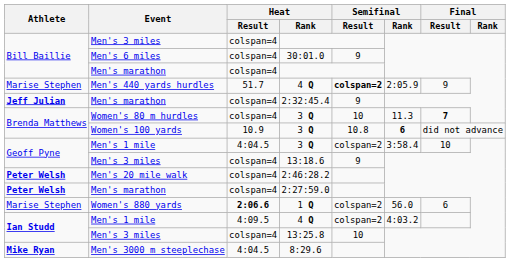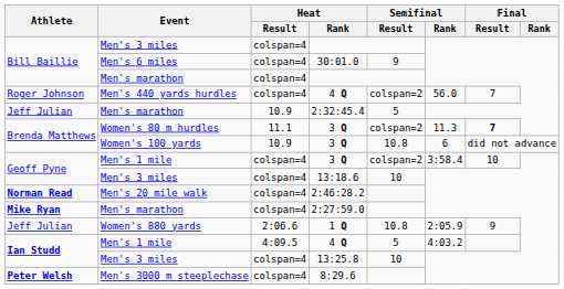 <table class=wikitable style=font-size:90%>
 <tr>
 <th rowspan=2>Athlete</th>
 <th rowspan=2>Event</th>
 <th colspan=2>Heat</th>
 <th colspan=2>Semifinal</th>
 <th colspan=2>Final</th>
 </tr>
 <tr style=font-size:95%>
 <th>Result</th>
 <th>Rank</th>
 <th>Result</th>
 <th>Rank</th>
 <th>Result</th>
 <th>Rank</th>
 </tr>
 <tr align=center>
 <td align=left rowspan=3><a href='#'>Bill Baillie</a></td>
 <td align=left><a href='#'>Men's 3 miles</a></td>
 <td>colspan=4 </td>
 <td colspan=2></td>
 </tr>
 <tr align=center>
 <td align=left><a href='#'>Men's 6 miles</a></td>
 <td>colspan=4 </td>
 <td>30:01.0</td>
 <td>9</td>
 </tr>
 <tr align=center>
 <td align=left><a href='#'>Men's marathon</a></td>
 <td>colspan=4 </td>
 <td colspan=2></td>
 </tr>
 <tr align=center>
-<td align=left><a href='#'>Marise Stephen</a></td>
+<td align=left><a href='#'>Roger Johnson</a></td>
 <td align=left><a href='#'>Men's 440 yards hurdles</a></td>
-<td>51.7</td>
+<td>colspan=4 </td>
 <td>4 <strong>Q</strong></td>
-<td><strong>colspan=2 </strong></td>
-<td>2:05.9</td>
-<td>9</td>
+<td>colspan=2 </td>
+<td>56.0</td>
+<td>7</td>
 </tr>
 <tr align=center>
-<td align=left><strong><a href='#'>Jeff Julian</a></strong></td>
+<td align=left><a href='#'>Jeff Julian</a></td>
 <td align=left><a href='#'>Men's marathon</a></td>
-<td>colspan=4 </td>
+<td>10.9</td>
 <td>2:32:45.4</td>
-<td>9</td>
+<td>5</td>
 </tr>
 <tr align=center>
 <td align=left rowspan=2><a href='#'>Brenda Matthews</a></td>
 <td align=left><a href='#'>Women's 80 m hurdles</a></td>
-<td>colspan=4 </td>
+<td>11.1</td>
 <td>3 <strong>Q</strong></td>
-<td>10</td>
+<td>colspan=2 </td>
 <td>11.3</td>
 <td><strong>7</strong></td>
 </tr>
 <tr align=center>
 <td align=left><a href='#'>Women's 100 yards</a></td>
 <td>10.9</td>
 <td>3 <strong>Q</strong></td>
 <td>10.8</td>
-<td><strong>6</strong></td>
+<td>6</td>
 <td colspan=2>did not advance</td>
 </tr>
 <tr align=center>
 <td align=left rowspan=2><a href='#'>Geoff Pyne</a></td>
 <td align=left><a href='#'>Men's 1 mile</a></td>
-<td>4:04.5</td>
+<td>colspan=4 </td>
 <td>3 <strong>Q</strong></td>
 <td>colspan=2 </td>
 <td>3:58.4</td>
 <td>10</td>
 </tr>
 <tr align=center>
 <td align=left><a href='#'>Men's 3 miles</a></td>
 <td>colspan=4 </td>
 <td>13:18.6</td>
-<td>9</td>
+<td>10</td>
 </tr>
 <tr align=center>
-<td align=left><strong><a href='#'>Peter Welsh</a></strong></td>
+<td align=left><strong><a href='#'>Norman Read</a></strong></td>
 <td align=left><a href='#'>Men's 20 mile walk</a></td>
 <td>colspan=4 </td>
 <td>2:46:28.2</td>
 <td></td>
 </tr>
 <tr align=center>
-<td align=left><strong><a href='#'>Peter Welsh</a></strong></td>
+<td align=left><strong><a href='#'>Mike Ryan</a></strong></td>
 <td align=left><a href='#'>Men's marathon</a></td>
 <td>colspan=4 </td>
 <td>2:27:59.0</td>
 <td></td>
 </tr>
 <tr align=center>
-<td align=left><a href='#'>Marise Stephen</a></td>
+<td align=left><a href='#'>Jeff Julian</a></td>
 <td align=left><a href='#'>Women's 880 yards</a></td>
-<td><strong>2:06.6</strong></td>
+<td>2:06.6</td>
 <td>1 <strong>Q</strong></td>
-<td>colspan=2 </td>
-<td>56.0</td>
-<td>6</td>
+<td>10.8</td>
+<td>2:05.9</td>
+<td>9</td>
 </tr>
 <tr align=center>
 <td align=left rowspan=2><strong><a href='#'>Ian Studd</a></strong></td>
 <td align=left><a href='#'>Men's 1 mile</a></td>
 <td>4:09.5</td>
 <td>4 <strong>Q</strong></td>
-<td>colspan=2 </td>
+<td>5</td>
 <td>4:03.2</td>
 <td></td>
 </tr>
 <tr align=center>
 <td align=left><a href='#'>Men's 3 miles</a></td>
 <td>colspan=4 </td>
 <td>13:25.8</td>
 <td>10</td>
 </tr>
 <tr align=center>
-<td align=left><strong><a href='#'>Mike Ryan</a></strong></td>
+<td align=left><strong><a href='#'>Peter Welsh</a></strong></td>
 <td align=left><a href='#'>Men's 3000 m steeplechase</a></td>
-<td>4:04.5</td>
+<td>colspan=4 </td>
 <td>8:29.6 </td>
 <td></td>
 </tr>
 </table>
